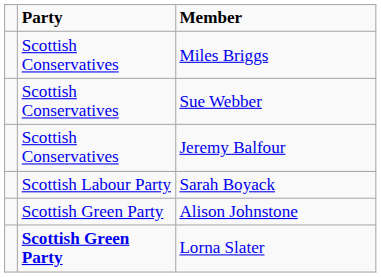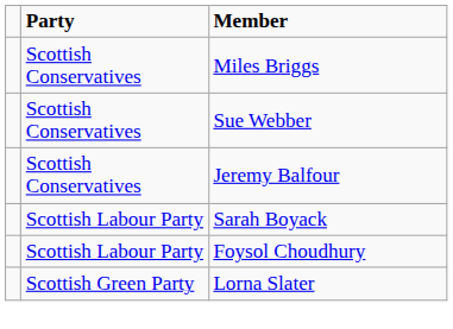 <table class="wikitable">
 <tr>
 <td width="5"></td>
 <td width="140"><strong>Party</strong></td>
 <td width="180"><strong>Member</strong></td>
 </tr>
 <tr>
 <td style="color:inherit;background:"></td>
 <td><a href='#'>Scottish Conservatives</a></td>
 <td><a href='#'>Miles Briggs</a></td>
 </tr>
 <tr>
 <td style="color:inherit;background:"></td>
 <td><a href='#'>Scottish Conservatives</a></td>
 <td><a href='#'>Sue Webber</a></td>
 </tr>
 <tr>
 <td style="color:inherit;background:"></td>
 <td><a href='#'>Scottish Conservatives</a></td>
 <td><a href='#'>Jeremy Balfour</a></td>
 </tr>
 <tr>
 <td style="color:inherit;background:"></td>
 <td><a href='#'>Scottish Labour Party</a></td>
 <td><a href='#'>Sarah Boyack</a></td>
 </tr>
 <tr>
 <td style="color:inherit;background:"></td>
-<td><a href='#'>Scottish Green Party</a></td>
-<td><a href='#'>Alison Johnstone</a></td>
+<td><a href='#'>Scottish Labour Party</a></td>
+<td><a href='#'>Foysol Choudhury</a></td>
 </tr>
 <tr>
 <td style="color:inherit;background:"></td>
-<td><strong><a href='#'>Scottish Green Party</a></strong></td>
+<td><a href='#'>Scottish Green Party</a></td>
 <td><a href='#'>Lorna Slater</a></td>
 </tr>
 </table>
